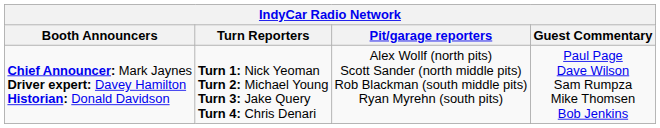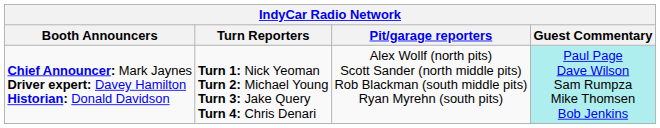 <table class="wikitable" style="font-size: 95%;">
 <tr>
 <th colspan=4><a href='#'>IndyCar Radio Network</a></th>
 </tr>
 <tr>
 <th>Booth Announcers</th>
 <th>Turn Reporters</th>
 <th><a href='#'>Pit/garage reporters</a></th>
 <th>Guest Commentary</th>
 </tr>
 <tr>
 <td valign="top"><br><strong><a href='#'>Chief Announcer</a>:</strong> Mark Jaynes<br> <strong>Driver expert:</strong> <a href='#'>Davey Hamilton</a><br> <strong><a href='#'>Historian</a>:</strong> <a href='#'>Donald Davidson</a><br></td>
 <td valign="top"><br><strong>Turn 1:</strong> Nick Yeoman<br> <strong>Turn 2:</strong> Michael Young<br> <strong>Turn 3:</strong> Jake Query<br> <strong>Turn 4:</strong> Chris Denari<br></td>
 <td align="center" valign="top">Alex Wollf (north pits) <br>Scott Sander (north middle pits) <br>Rob Blackman (south middle pits)<br>Ryan Myrehn (south pits)</td>
-<td align="center" valign="top"><a href='#'>Paul Page</a> <br><a href='#'>Dave Wilson</a><br>Sam Rumpza<br>Mike Thomsen<br><a href='#'>Bob Jenkins</a></td>
+<td align="center" valign="top" style="background: paleturquoise;"><a href='#'>Paul Page</a> <br><a href='#'>Dave Wilson</a><br>Sam Rumpza<br>Mike Thomsen<br><a href='#'>Bob Jenkins</a></td>
 </tr>
 </table>
